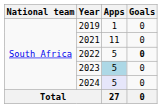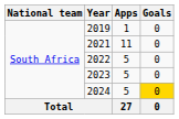 <table class="wikitable" style="text-align:center;">
 <tr>
 <th>National team</th>
 <th>Year</th>
 <th>Apps</th>
 <th>Goals</th>
 </tr>
 <tr>
 <td rowspan="5"><a href='#'>South Africa</a></td>
 <td>2019</td>
 <td>1</td>
 <td>0</td>
 </tr>
 <tr>
 <td>2021</td>
 <td>11</td>
 <td>0</td>
 </tr>
 <tr>
 <td>2022</td>
 <td>5</td>
-<td><strong>0</strong></td>
+<td>0</td>
 </tr>
 <tr>
 <td>2023</td>
-<td style="background: lightblue;">5</td>
+<td>5</td>
 <td>0</td>
 </tr>
 <tr>
 <td>2024</td>
-<td style="background: lavender;">5</td>
-<td>0</td>
+<td>5</td>
+<td style="background: gold;">0</td>
 </tr>
 <tr>
 <th colspan="2">Total</th>
 <th>27</th>
 <th>0</th>
 </tr>
 </table>
